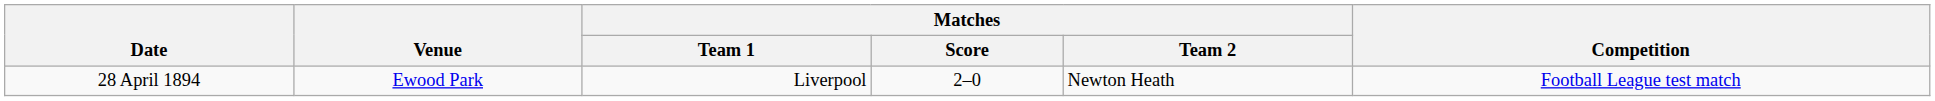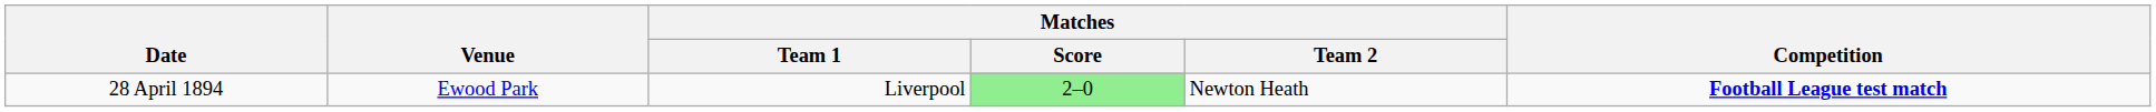 <table class="wikitable" style="font-size:90%;width:95%;text-align:center">
 <tr>
 <th rowspan="2" valign="bottom" width="15%">Date</th>
 <th rowspan="2" valign="bottom" width="15%">Venue</th>
 <th colspan="3" width="40%">Matches</th>
 <th rowspan="2" valign="bottom" width="30%">Competition</th>
 </tr>
 <tr>
 <th width="15%">Team 1</th>
 <th width="10%">Score</th>
 <th width="15%">Team 2</th>
 </tr>
 <tr>
 <td>28 April 1894</td>
 <td><a href='#'>Ewood Park</a></td>
 <td align="right">Liverpool</td>
-<td align="center">2–0</td>
+<td align="center" style="background: lightgreen;">2–0</td>
 <td align="left">Newton Heath</td>
-<td><a href='#'>Football League test match</a></td>
+<td><strong><a href='#'>Football League test match</a></strong></td>
 </tr>
 </table>
